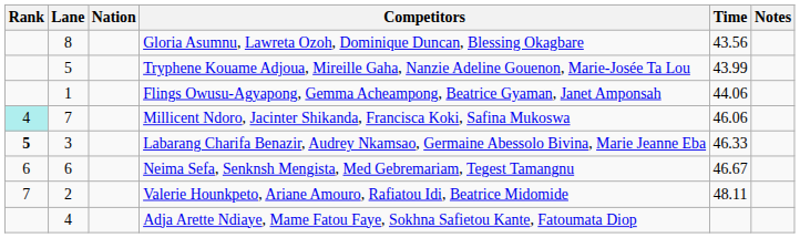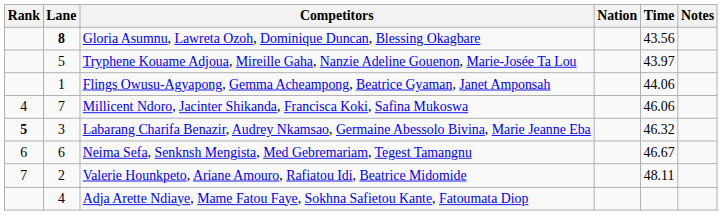 <table class="wikitable sortable" style="text-align:center;font-size:95%">
 <tr>
 <th>Rank</th>
 <th>Lane</th>
+<th>Competitors</th>
 <th>Nation</th>
-<th>Competitors</th>
 <th>Time</th>
 <th>Notes</th>
 </tr>
 <tr>
 <td></td>
-<td>8</td>
+<td><strong>8</strong></td>
+<td align=left><a href='#'>Gloria Asumnu</a>, <a href='#'>Lawreta Ozoh</a>, <a href='#'>Dominique Duncan</a>, <a href='#'>Blessing Okagbare</a></td>
 <td align=left></td>
-<td align=left><a href='#'>Gloria Asumnu</a>, <a href='#'>Lawreta Ozoh</a>, <a href='#'>Dominique Duncan</a>, <a href='#'>Blessing Okagbare</a></td>
 <td>43.56</td>
 <td></td>
 </tr>
 <tr>
 <td></td>
 <td>5</td>
+<td align=left><a href='#'>Tryphene Kouame Adjoua</a>, <a href='#'>Mireille Gaha</a>, <a href='#'>Nanzie Adeline Gouenon</a>, <a href='#'>Marie-Josée Ta Lou</a></td>
 <td align=left></td>
-<td align=left><a href='#'>Tryphene Kouame Adjoua</a>, <a href='#'>Mireille Gaha</a>, <a href='#'>Nanzie Adeline Gouenon</a>, <a href='#'>Marie-Josée Ta Lou</a></td>
-<td>43.99</td>
+<td>43.97</td>
 <td></td>
 </tr>
 <tr>
 <td></td>
 <td>1</td>
+<td align=left><a href='#'>Flings Owusu-Agyapong</a>, <a href='#'>Gemma Acheampong</a>, <a href='#'>Beatrice Gyaman</a>, <a href='#'>Janet Amponsah</a></td>
 <td align=left></td>
-<td align=left><a href='#'>Flings Owusu-Agyapong</a>, <a href='#'>Gemma Acheampong</a>, <a href='#'>Beatrice Gyaman</a>, <a href='#'>Janet Amponsah</a></td>
 <td>44.06</td>
 <td></td>
 </tr>
 <tr>
-<td style="background: paleturquoise;">4</td>
+<td>4</td>
 <td>7</td>
+<td align=left><a href='#'>Millicent Ndoro</a>, <a href='#'>Jacinter Shikanda</a>, <a href='#'>Francisca Koki</a>, <a href='#'>Safina Mukoswa</a></td>
 <td align=left></td>
-<td align=left><a href='#'>Millicent Ndoro</a>, <a href='#'>Jacinter Shikanda</a>, <a href='#'>Francisca Koki</a>, <a href='#'>Safina Mukoswa</a></td>
 <td>46.06</td>
 <td></td>
 </tr>
 <tr>
 <td><strong>5</strong></td>
 <td>3</td>
+<td align=left><a href='#'>Labarang Charifa Benazir</a>, <a href='#'>Audrey Nkamsao</a>, <a href='#'>Germaine Abessolo Bivina</a>, <a href='#'>Marie Jeanne Eba</a></td>
 <td align=left></td>
-<td align=left><a href='#'>Labarang Charifa Benazir</a>, <a href='#'>Audrey Nkamsao</a>, <a href='#'>Germaine Abessolo Bivina</a>, <a href='#'>Marie Jeanne Eba</a></td>
-<td>46.33</td>
+<td>46.32</td>
 <td></td>
 </tr>
 <tr>
 <td>6</td>
 <td>6</td>
+<td align=left><a href='#'>Neima Sefa</a>, <a href='#'>Senknsh Mengista</a>, <a href='#'>Med Gebremariam</a>, <a href='#'>Tegest Tamangnu</a></td>
 <td align=left></td>
-<td align=left><a href='#'>Neima Sefa</a>, <a href='#'>Senknsh Mengista</a>, <a href='#'>Med Gebremariam</a>, <a href='#'>Tegest Tamangnu</a></td>
 <td>46.67</td>
 <td></td>
 </tr>
 <tr>
 <td>7</td>
 <td>2</td>
+<td align=left><a href='#'>Valerie Hounkpeto</a>, <a href='#'>Ariane Amouro</a>, <a href='#'>Rafiatou Idi</a>, <a href='#'>Beatrice Midomide</a></td>
 <td align=left></td>
-<td align=left><a href='#'>Valerie Hounkpeto</a>, <a href='#'>Ariane Amouro</a>, <a href='#'>Rafiatou Idi</a>, <a href='#'>Beatrice Midomide</a></td>
 <td>48.11</td>
 <td></td>
 </tr>
 <tr>
 <td></td>
 <td>4</td>
+<td align=left><a href='#'>Adja Arette Ndiaye</a>, <a href='#'>Mame Fatou Faye</a>, <a href='#'>Sokhna Safietou Kante</a>, <a href='#'>Fatoumata Diop</a></td>
 <td align=left></td>
-<td align=left><a href='#'>Adja Arette Ndiaye</a>, <a href='#'>Mame Fatou Faye</a>, <a href='#'>Sokhna Safietou Kante</a>, <a href='#'>Fatoumata Diop</a></td>
 <td></td>
 <td></td>
 </tr>
 </table>
